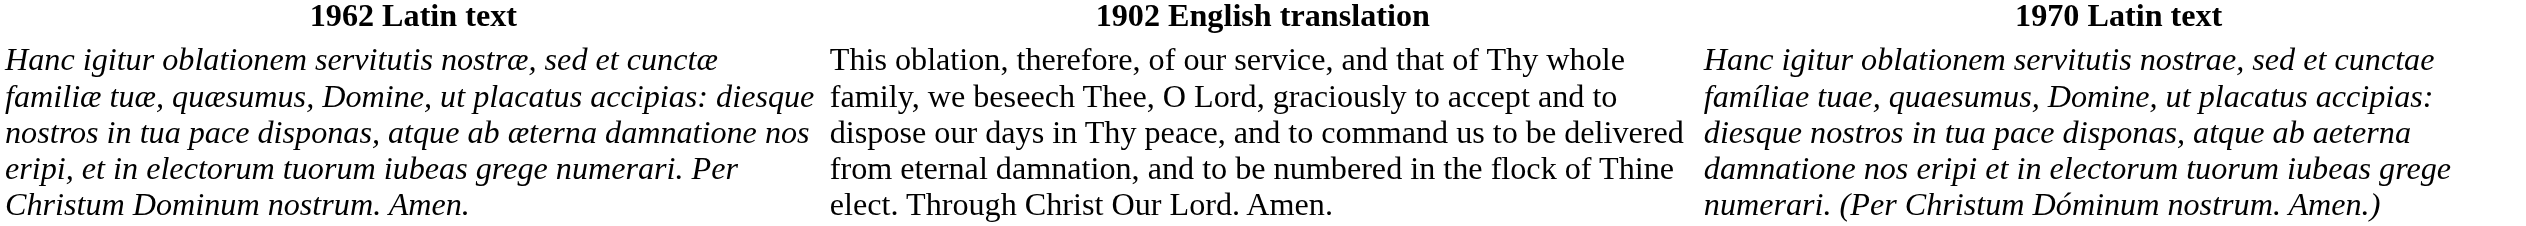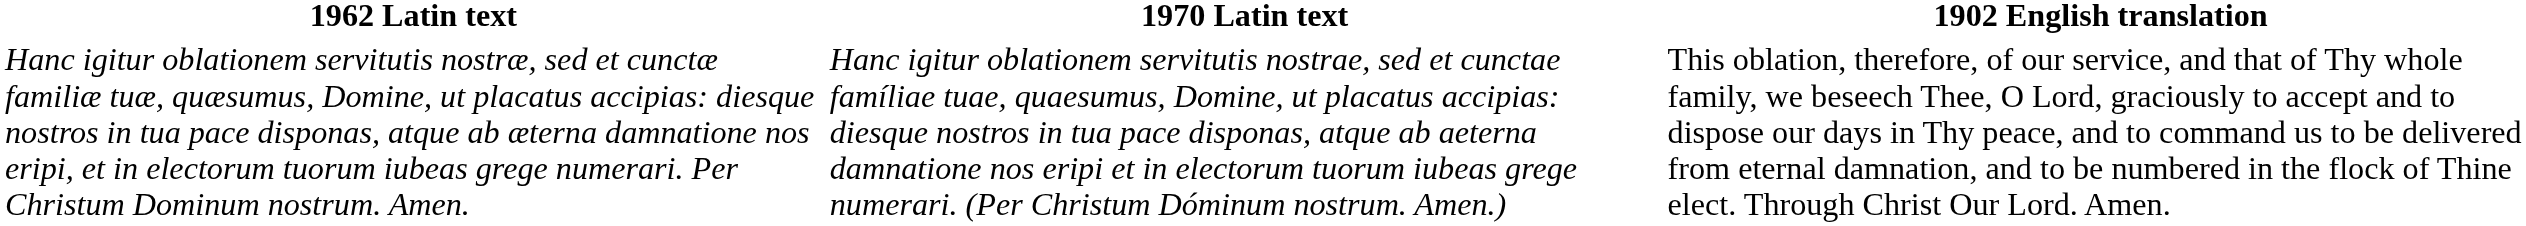 <table>
 <tr>
 <th>1962 Latin text</th>
+<th>1970 Latin text</th>
 <th>1902 English translation</th>
-<th>1970 Latin text</th>
 </tr>
 <tr>
 <td><em>Hanc igitur oblationem servitutis nostræ, sed et cunctæ familiæ tuæ, quæsumus, Domine, ut placatus accipias: diesque nostros in tua pace disponas, atque ab æterna damnatione nos eripi, et in electorum tuorum iubeas grege numerari. Per Christum Dominum nostrum. Amen.</em></td>
+<td><em>Hanc igitur oblationem servitutis nostrae, sed et cunctae famíliae tuae, quaesumus, Domine, ut placatus accipias: diesque nostros in tua pace disponas, atque ab aeterna damnatione nos eripi et in electorum tuorum iubeas grege numerari. (Per Christum Dóminum nostrum. Amen.)</em></td>
 <td>This oblation, therefore, of our service, and that of Thy whole family, we beseech Thee, O Lord,  graciously to accept and to dispose our days in Thy peace, and to command us to be delivered from eternal damnation, and to be numbered in the flock of Thine elect.  Through Christ Our Lord.  Amen.</td>
-<td><em>Hanc igitur oblationem servitutis nostrae, sed et cunctae famíliae tuae, quaesumus, Domine, ut placatus accipias: diesque nostros in tua pace disponas, atque ab aeterna damnatione nos eripi et in electorum tuorum iubeas grege numerari. (Per Christum Dóminum nostrum. Amen.)</em></td>
 </tr>
 </table>
